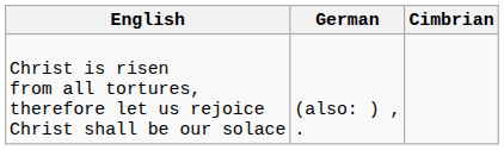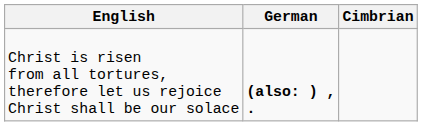 <table class="wikitable">
 <tr>
 <th>English</th>
 <th>German</th>
 <th>Cimbrian</th>
 </tr>
 <tr>
 <td><br>Christ is risen<br> from all tortures,<br> therefore let us rejoice<br> Christ shall be our solace</td>
-<td><br><br> <br>   (also: ) ,<br> .</td>
+<td><strong><br><br> <br>   (also: ) ,<br> .</strong></td>
 <td><br><br> <br> <br> </td>
 </tr>
 </table>
